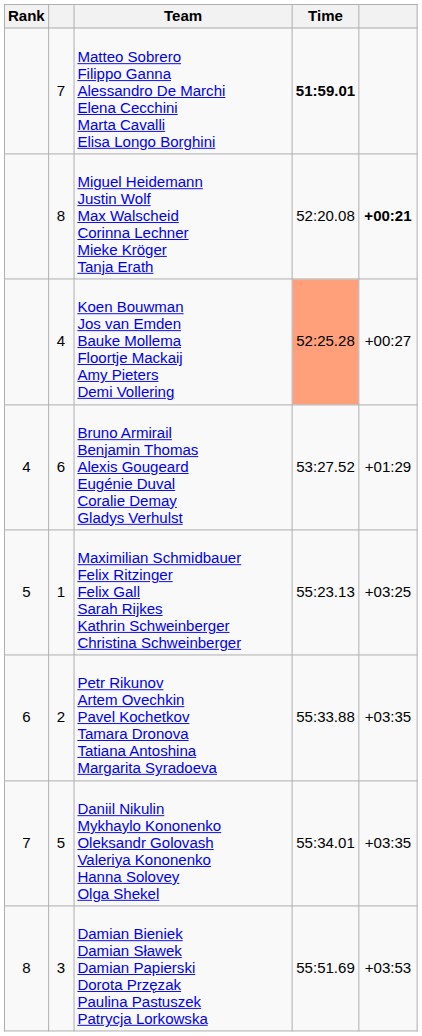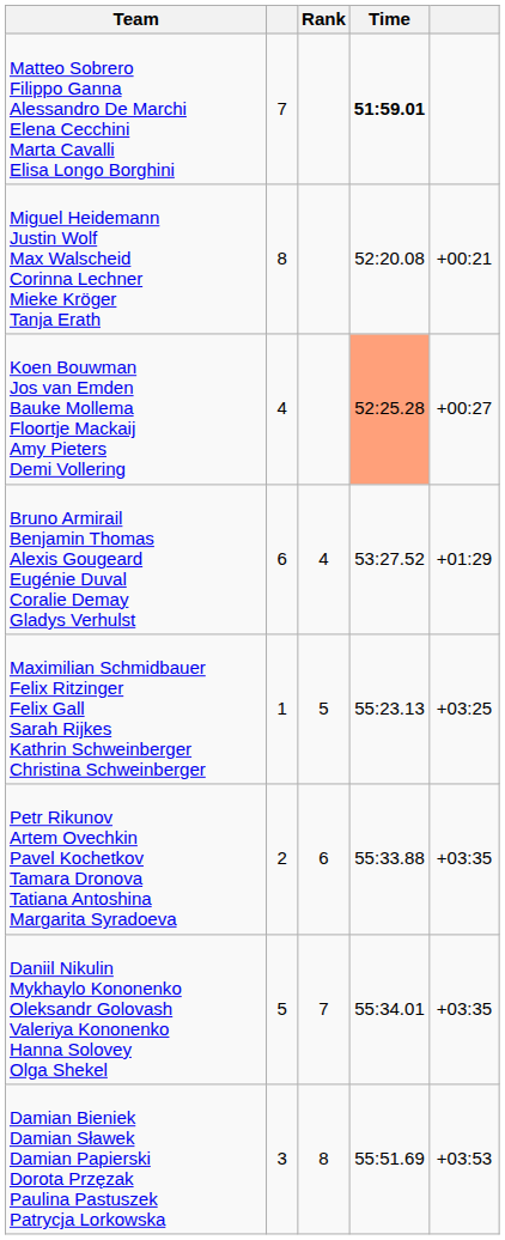 <table class="wikitable sortable" style="text-align:center">
 <tr style="background:#efefef;">
+<th width="225">Team</th>
+<th width="20"></th>
 <th width="30">Rank</th>
-<th width="20"></th>
-<th width="225">Team</th>
 <th width="55">Time</th>
 <th width="55"></th>
 </tr>
 <tr>
+<td align="left"><br><a href='#'>Matteo Sobrero</a><br><a href='#'>Filippo Ganna</a><br><a href='#'>Alessandro De Marchi</a><br><a href='#'>Elena Cecchini</a><br><a href='#'>Marta Cavalli</a><br><a href='#'>Elisa Longo Borghini</a></td>
+<td>7</td>
 <td></td>
-<td>7</td>
-<td align="left"><br><a href='#'>Matteo Sobrero</a><br><a href='#'>Filippo Ganna</a><br><a href='#'>Alessandro De Marchi</a><br><a href='#'>Elena Cecchini</a><br><a href='#'>Marta Cavalli</a><br><a href='#'>Elisa Longo Borghini</a></td>
 <td><strong>51:59.01</strong></td>
 <td></td>
 </tr>
 <tr>
+<td align="left"><br><a href='#'>Miguel Heidemann</a><br><a href='#'>Justin Wolf</a><br><a href='#'>Max Walscheid</a><br><a href='#'>Corinna Lechner</a><br><a href='#'>Mieke Kröger</a><br><a href='#'>Tanja Erath</a></td>
+<td>8</td>
 <td></td>
-<td>8</td>
-<td align="left"><br><a href='#'>Miguel Heidemann</a><br><a href='#'>Justin Wolf</a><br><a href='#'>Max Walscheid</a><br><a href='#'>Corinna Lechner</a><br><a href='#'>Mieke Kröger</a><br><a href='#'>Tanja Erath</a></td>
 <td>52:20.08</td>
-<td><strong>+00:21</strong></td>
+<td>+00:21</td>
 </tr>
 <tr>
+<td align="left"><br><a href='#'>Koen Bouwman</a><br><a href='#'>Jos van Emden</a><br><a href='#'>Bauke Mollema</a><br><a href='#'>Floortje Mackaij</a><br><a href='#'>Amy Pieters</a><br><a href='#'>Demi Vollering</a></td>
+<td>4</td>
 <td></td>
-<td>4</td>
-<td align="left"><br><a href='#'>Koen Bouwman</a><br><a href='#'>Jos van Emden</a><br><a href='#'>Bauke Mollema</a><br><a href='#'>Floortje Mackaij</a><br><a href='#'>Amy Pieters</a><br><a href='#'>Demi Vollering</a></td>
 <td style="background: lightsalmon;">52:25.28</td>
 <td>+00:27</td>
 </tr>
 <tr>
+<td align="left"><br><a href='#'>Bruno Armirail</a><br><a href='#'>Benjamin Thomas</a><br><a href='#'>Alexis Gougeard</a><br><a href='#'>Eugénie Duval</a><br><a href='#'>Coralie Demay</a><br><a href='#'>Gladys Verhulst</a></td>
+<td>6</td>
 <td>4</td>
-<td>6</td>
-<td align="left"><br><a href='#'>Bruno Armirail</a><br><a href='#'>Benjamin Thomas</a><br><a href='#'>Alexis Gougeard</a><br><a href='#'>Eugénie Duval</a><br><a href='#'>Coralie Demay</a><br><a href='#'>Gladys Verhulst</a></td>
 <td>53:27.52</td>
 <td>+01:29</td>
 </tr>
 <tr>
+<td align="left"><br><a href='#'>Maximilian Schmidbauer</a><br><a href='#'>Felix Ritzinger</a><br><a href='#'>Felix Gall</a><br><a href='#'>Sarah Rijkes</a><br><a href='#'>Kathrin Schweinberger</a><br><a href='#'>Christina Schweinberger</a></td>
+<td>1</td>
 <td>5</td>
-<td>1</td>
-<td align="left"><br><a href='#'>Maximilian Schmidbauer</a><br><a href='#'>Felix Ritzinger</a><br><a href='#'>Felix Gall</a><br><a href='#'>Sarah Rijkes</a><br><a href='#'>Kathrin Schweinberger</a><br><a href='#'>Christina Schweinberger</a></td>
 <td>55:23.13</td>
 <td>+03:25</td>
 </tr>
 <tr>
+<td align="left"><br><a href='#'>Petr Rikunov</a><br><a href='#'>Artem Ovechkin</a><br><a href='#'>Pavel Kochetkov</a><br><a href='#'>Tamara Dronova</a><br><a href='#'>Tatiana Antoshina</a><br><a href='#'>Margarita Syradoeva</a></td>
+<td>2</td>
 <td>6</td>
-<td>2</td>
-<td align="left"><br><a href='#'>Petr Rikunov</a><br><a href='#'>Artem Ovechkin</a><br><a href='#'>Pavel Kochetkov</a><br><a href='#'>Tamara Dronova</a><br><a href='#'>Tatiana Antoshina</a><br><a href='#'>Margarita Syradoeva</a></td>
 <td>55:33.88</td>
 <td>+03:35</td>
 </tr>
 <tr>
+<td align="left"><br><a href='#'>Daniil Nikulin</a><br><a href='#'>Mykhaylo Kononenko</a><br><a href='#'>Oleksandr Golovash</a><br><a href='#'>Valeriya Kononenko</a><br><a href='#'>Hanna Solovey</a><br><a href='#'>Olga Shekel</a></td>
+<td>5</td>
 <td>7</td>
-<td>5</td>
-<td align="left"><br><a href='#'>Daniil Nikulin</a><br><a href='#'>Mykhaylo Kononenko</a><br><a href='#'>Oleksandr Golovash</a><br><a href='#'>Valeriya Kononenko</a><br><a href='#'>Hanna Solovey</a><br><a href='#'>Olga Shekel</a></td>
 <td>55:34.01</td>
 <td>+03:35</td>
 </tr>
 <tr>
+<td align="left"><br><a href='#'>Damian Bieniek</a><br><a href='#'>Damian Sławek</a><br><a href='#'>Damian Papierski</a><br><a href='#'>Dorota Przęzak</a><br><a href='#'>Paulina Pastuszek</a><br><a href='#'>Patrycja Lorkowska</a></td>
+<td>3</td>
 <td>8</td>
-<td>3</td>
-<td align="left"><br><a href='#'>Damian Bieniek</a><br><a href='#'>Damian Sławek</a><br><a href='#'>Damian Papierski</a><br><a href='#'>Dorota Przęzak</a><br><a href='#'>Paulina Pastuszek</a><br><a href='#'>Patrycja Lorkowska</a></td>
 <td>55:51.69</td>
 <td>+03:53</td>
 </tr>
 </table>
